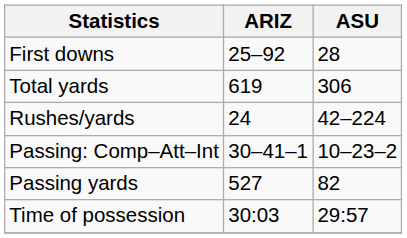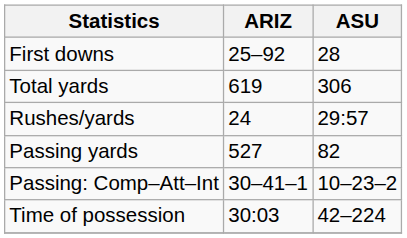 <table class="wikitable" style="float: left;">
 <tr>
 <th>Statistics</th>
 <th>ARIZ</th>
 <th>ASU</th>
 </tr>
 <tr>
 <td>First downs</td>
 <td>25–92</td>
 <td>28</td>
 </tr>
 <tr>
 <td>Total yards</td>
 <td>619</td>
 <td>306</td>
 </tr>
 <tr>
 <td>Rushes/yards</td>
 <td>24</td>
-<td>42–224</td>
+<td>29:57</td>
+</tr>
+<tr>
+<td>Passing yards</td>
+<td>527</td>
+<td>82</td>
 </tr>
 <tr>
 <td>Passing: Comp–Att–Int</td>
 <td>30–41–1</td>
 <td>10–23–2</td>
 </tr>
 <tr>
-<td>Passing yards</td>
-<td>527</td>
-<td>82</td>
-</tr>
-<tr>
 <td>Time of possession</td>
 <td>30:03</td>
-<td>29:57</td>
+<td>42–224</td>
 </tr>
 <tr>
 </tr>
 </table>
